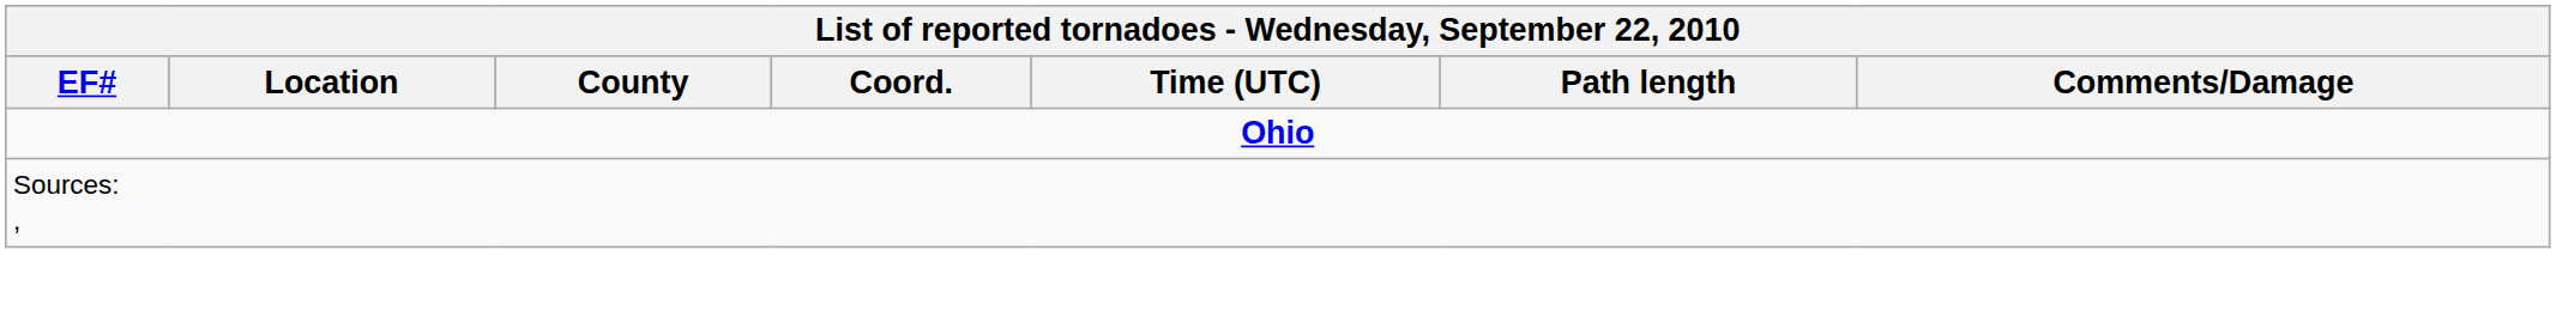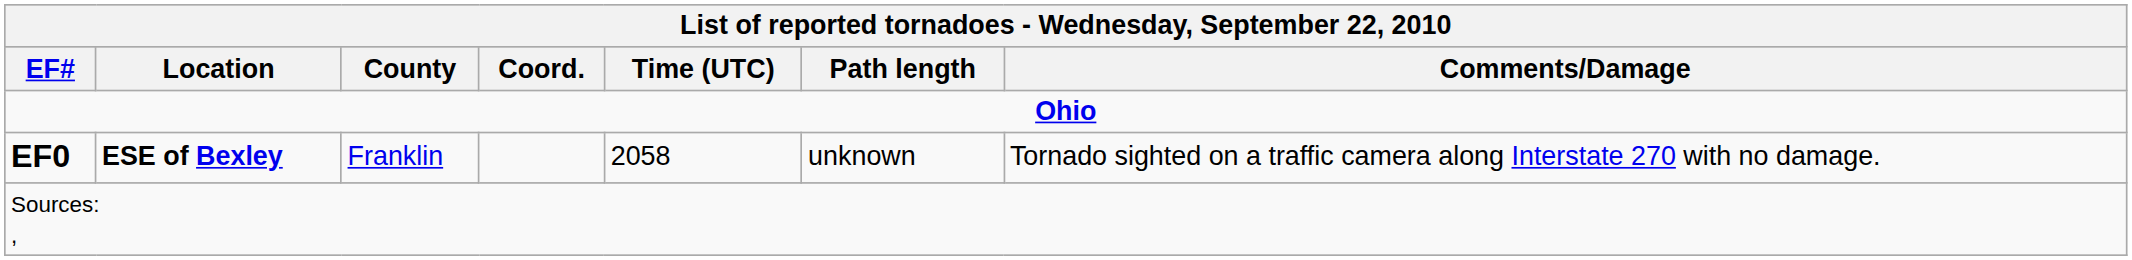 <table class="wikitable collapsible" width="100%">
 <tr>
 <th colspan="7">List of reported tornadoes - Wednesday, September 22, 2010</th>
 </tr>
 <tr>
 <th><a href='#'>EF#</a></th>
 <th>Location</th>
 <th>County</th>
 <th>Coord.</th>
 <th>Time (UTC)</th>
 <th>Path length</th>
 <th>Comments/Damage</th>
 </tr>
 <tr>
 <td colspan="7" align=center><strong><a href='#'>Ohio</a></strong></td>
 </tr>
 <tr>
+<td><big><strong>EF0</strong></big></td>
+<td><strong>ESE of <a href='#'>Bexley</a></strong></td>
+<td><a href='#'>Franklin</a></td>
+<td></td>
+<td>2058</td>
+<td>unknown</td>
+<td>Tornado sighted on a traffic camera along <a href='#'>Interstate 270</a> with no damage.</td>
+</tr>
+<tr>
 <td colspan="7"><small>Sources:<br>, </small></td>
 </tr>
 </table>
